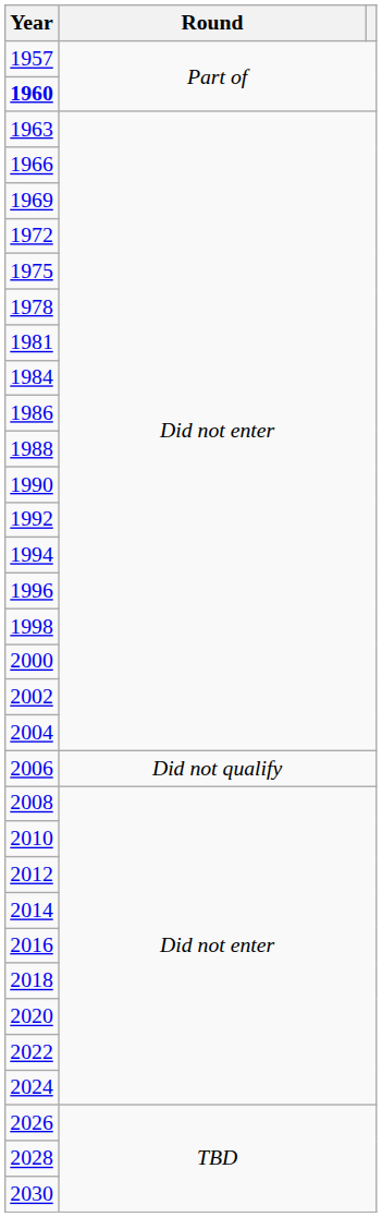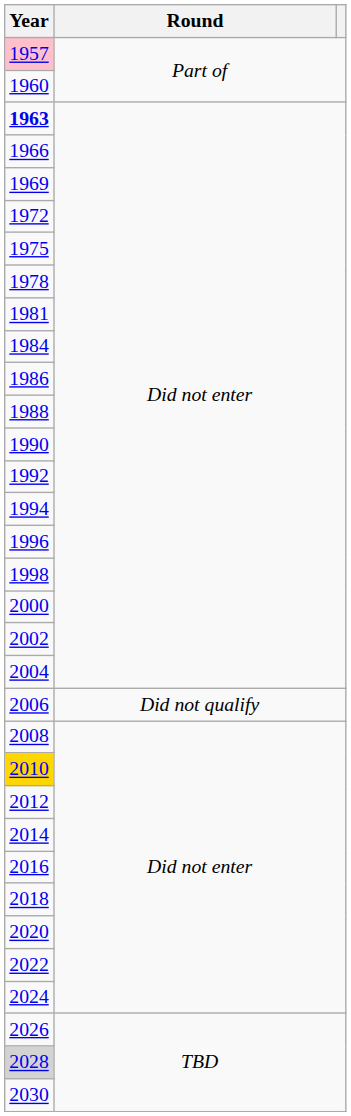 <table class="wikitable" style="text-align: center; font-size:90%">
 <tr>
 <th>Year</th>
 <th style="width:200px">Round</th>
 <th></th>
 </tr>
 <tr>
-<td><a href='#'>1957</a></td>
+<td style="background: pink;"><a href='#'>1957</a></td>
 <td colspan="2" rowspan="2"><em>Part of </em></td>
 </tr>
 <tr>
-<td><strong><a href='#'>1960</a></strong></td>
+<td><a href='#'>1960</a></td>
 </tr>
 <tr>
-<td><a href='#'>1963</a></td>
+<td><strong><a href='#'>1963</a></strong></td>
 <td colspan="2" rowspan="18"><em>Did not enter</em></td>
 </tr>
 <tr>
 <td><a href='#'>1966</a></td>
 </tr>
 <tr>
 <td><a href='#'>1969</a></td>
 </tr>
 <tr>
 <td><a href='#'>1972</a></td>
 </tr>
 <tr>
 <td><a href='#'>1975</a></td>
 </tr>
 <tr>
 <td><a href='#'>1978</a></td>
 </tr>
 <tr>
 <td><a href='#'>1981</a></td>
 </tr>
 <tr>
 <td><a href='#'>1984</a></td>
 </tr>
 <tr>
 <td><a href='#'>1986</a></td>
 </tr>
 <tr>
 <td><a href='#'>1988</a></td>
 </tr>
 <tr>
 <td><a href='#'>1990</a></td>
 </tr>
 <tr>
 <td><a href='#'>1992</a></td>
 </tr>
 <tr>
 <td><a href='#'>1994</a></td>
 </tr>
 <tr>
 <td><a href='#'>1996</a></td>
 </tr>
 <tr>
 <td><a href='#'>1998</a></td>
 </tr>
 <tr>
 <td><a href='#'>2000</a></td>
 </tr>
 <tr>
 <td><a href='#'>2002</a></td>
 </tr>
 <tr>
 <td><a href='#'>2004</a></td>
 </tr>
 <tr>
 <td><a href='#'>2006</a></td>
 <td colspan="2"><em>Did not qualify</em></td>
 </tr>
 <tr>
 <td><a href='#'>2008</a></td>
 <td colspan="2" rowspan="9"><em>Did not enter</em></td>
 </tr>
 <tr>
-<td><a href='#'>2010</a></td>
+<td style="background: gold;"><a href='#'>2010</a></td>
 </tr>
 <tr>
 <td><a href='#'>2012</a></td>
 </tr>
 <tr>
 <td><a href='#'>2014</a></td>
 </tr>
 <tr>
 <td><a href='#'>2016</a></td>
 </tr>
 <tr>
 <td><a href='#'>2018</a></td>
 </tr>
 <tr>
 <td><a href='#'>2020</a></td>
 </tr>
 <tr>
 <td><a href='#'>2022</a></td>
 </tr>
 <tr>
 <td><a href='#'>2024</a></td>
 </tr>
 <tr>
 <td><a href='#'>2026</a></td>
 <td colspan="2" rowspan="3"><em>TBD</em></td>
 </tr>
 <tr>
-<td><a href='#'>2028</a></td>
+<td style="background: lightgrey;"><a href='#'>2028</a></td>
 </tr>
 <tr>
 <td><a href='#'>2030</a></td>
 </tr>
 </table>
